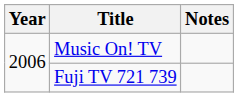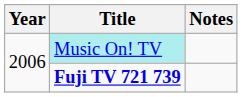 <table class="wikitable">
 <tr>
 <th>Year</th>
 <th>Title</th>
 <th>Notes</th>
 </tr>
 <tr>
 <td rowspan="2">2006</td>
-<td><a href='#'>Music On! TV</a></td>
+<td style="background: paleturquoise;"><a href='#'>Music On! TV</a></td>
 <td></td>
 </tr>
 <tr>
-<td><a href='#'>Fuji TV 721 739</a></td>
+<td><strong><a href='#'>Fuji TV 721 739</a></strong></td>
 <td></td>
 </tr>
 </table>
